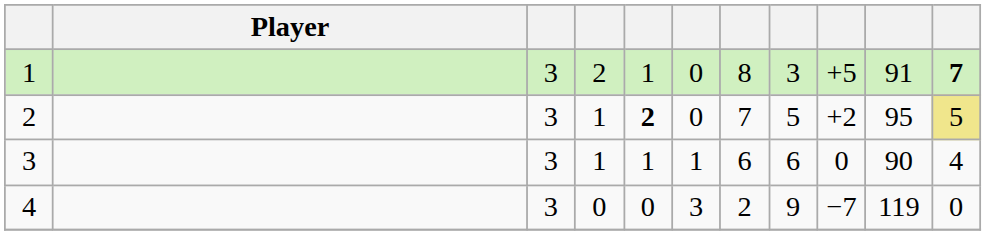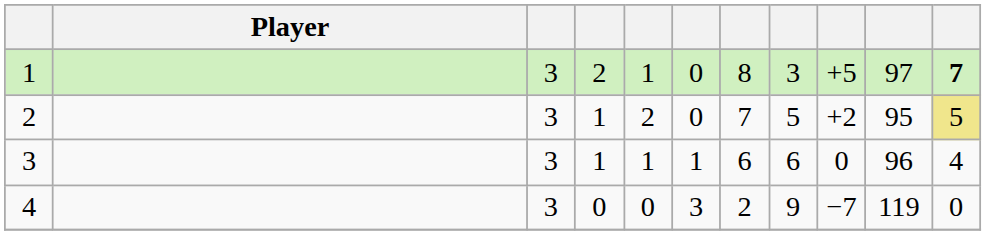 <table class="wikitable" style="text-align:center;">
 <tr>
 <th width=20></th>
 <th width=260>Player</th>
 <th width=20></th>
 <th width=20></th>
 <th width=20></th>
 <th width=20></th>
 <th width=20></th>
 <th width=20></th>
 <th width=20></th>
 <th width=30></th>
 <th width=20></th>
 </tr>
 <tr style="background:#D0F0C0;">
 <td>1</td>
 <td align=left> <small></small></td>
 <td>3</td>
 <td>2</td>
 <td>1</td>
 <td>0</td>
 <td>8</td>
 <td>3</td>
 <td>+5</td>
-<td>91</td>
+<td>97</td>
 <td><strong>7</strong></td>
 </tr>
 <tr>
 <td>2</td>
 <td align=left> <small></small></td>
 <td>3</td>
 <td>1</td>
-<td><strong>2</strong></td>
+<td>2</td>
 <td>0</td>
 <td>7</td>
 <td>5</td>
 <td>+2</td>
 <td>95</td>
 <td style="background: khaki;">5</td>
 </tr>
 <tr>
 <td>3</td>
 <td align=left> <small></small></td>
 <td>3</td>
 <td>1</td>
 <td>1</td>
 <td>1</td>
 <td>6</td>
 <td>6</td>
 <td>0</td>
-<td>90</td>
+<td>96</td>
 <td>4</td>
 </tr>
 <tr>
 <td>4</td>
 <td align=left> <small></small></td>
 <td>3</td>
 <td>0</td>
 <td>0</td>
 <td>3</td>
 <td>2</td>
 <td>9</td>
 <td>−7</td>
 <td>119</td>
 <td>0</td>
 </tr>
 <tr>
 </tr>
 </table>
